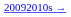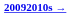 <table id=toc class=toc summary=Contents>
 <tr>
 <th></th>
 </tr>
 <tr>
-<td align=center><a href='#'>2009</a><a href='#'>2010s →</a></td>
+<td align=center><strong><a href='#'>2009</a><a href='#'>2010s →</a></strong></td>
 </tr>
 </table>
